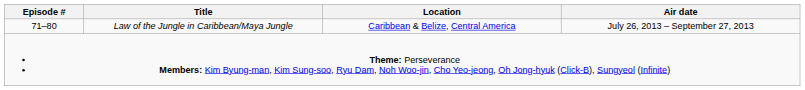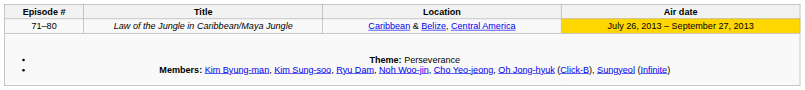 <table class="wikitable" style="text-align:center; font-size:90%; width:100%;">
 <tr>
 <th width="10%">Episode #</th>
 <th width="30%">Title</th>
 <th width="30%">Location</th>
 <th width="30%">Air date</th>
 </tr>
 <tr>
 <td>71–80</td>
 <td><em>Law of the Jungle in Caribbean/Maya Jungle</em></td>
 <td><a href='#'>Caribbean</a> & <a href='#'>Belize</a>, <a href='#'>Central America</a></td>
-<td>July 26, 2013 – September 27, 2013</td>
+<td style="background: gold;">July 26, 2013 – September 27, 2013</td>
 </tr>
 <tr>
 <td colspan="4"><br><ul><li><strong>Theme:</strong> Perseverance</li><li><strong>Members:</strong> <a href='#'>Kim Byung-man</a>, <a href='#'>Kim Sung-soo</a>, <a href='#'>Ryu Dam</a>, <a href='#'>Noh Woo-jin</a>, <a href='#'>Cho Yeo-jeong</a>, <a href='#'>Oh Jong-hyuk</a> (<a href='#'>Click-B</a>), <a href='#'>Sungyeol</a> (<a href='#'>Infinite</a>)</li></ul></td>
 </tr>
 </table>
